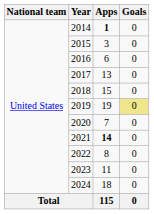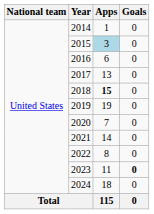 <table class="wikitable" style="text-align:center">
 <tr>
 <th>National team</th>
 <th>Year</th>
 <th>Apps</th>
 <th>Goals</th>
 </tr>
 <tr>
 <td rowspan=11><a href='#'>United States</a></td>
 <td>2014</td>
-<td><strong>1</strong></td>
+<td>1</td>
 <td>0</td>
 </tr>
 <tr>
 <td>2015</td>
-<td>3</td>
+<td style="background: lightblue;">3</td>
 <td>0</td>
 </tr>
 <tr>
 <td>2016</td>
 <td>6</td>
 <td>0</td>
 </tr>
 <tr>
 <td>2017</td>
 <td>13</td>
 <td>0</td>
 </tr>
 <tr>
 <td>2018</td>
-<td>15</td>
+<td><strong>15</strong></td>
 <td>0</td>
 </tr>
 <tr>
 <td>2019</td>
 <td>19</td>
-<td style="background: khaki;">0</td>
+<td>0</td>
 </tr>
 <tr>
 <td>2020</td>
 <td>7</td>
 <td>0</td>
 </tr>
 <tr>
 <td>2021</td>
-<td><strong>14</strong></td>
+<td>14</td>
 <td>0</td>
 </tr>
 <tr>
 <td>2022</td>
 <td>8</td>
 <td>0</td>
 </tr>
 <tr>
 <td>2023</td>
 <td>11</td>
-<td>0</td>
+<td><strong>0</strong></td>
 </tr>
 <tr>
 <td>2024</td>
 <td>18</td>
 <td>0</td>
 </tr>
 <tr>
 <th colspan=2>Total</th>
 <th>115</th>
 <th>0</th>
 </tr>
 </table>
